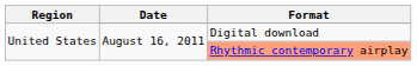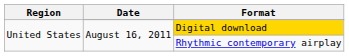 <table class="wikitable">
 <tr>
 <th>Region</th>
 <th>Date</th>
 <th>Format</th>
 </tr>
 <tr>
 <td rowspan="3">United States</td>
 </tr>
 <tr>
 <td rowspan="2">August 16, 2011</td>
-<td>Digital download</td>
+<td style="background: gold;">Digital download</td>
 </tr>
 <tr>
-<td style="background: lightsalmon;"><a href='#'>Rhythmic contemporary</a> airplay</td>
+<td><a href='#'>Rhythmic contemporary</a> airplay</td>
 </tr>
 </table>
